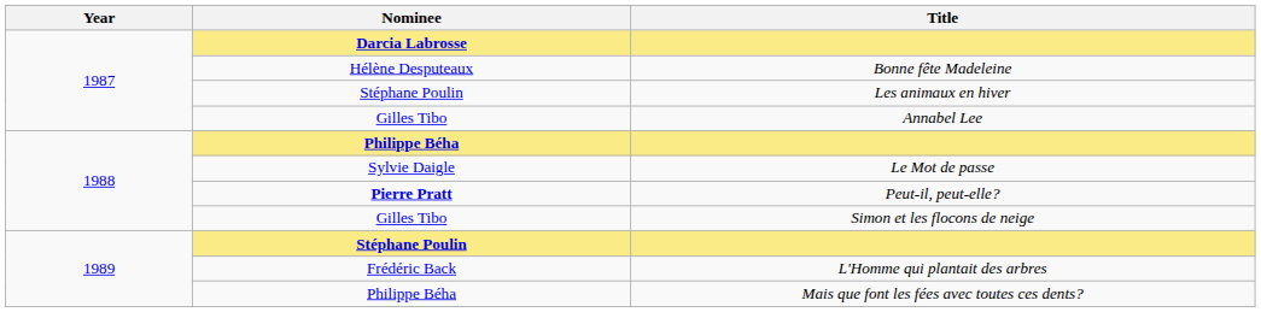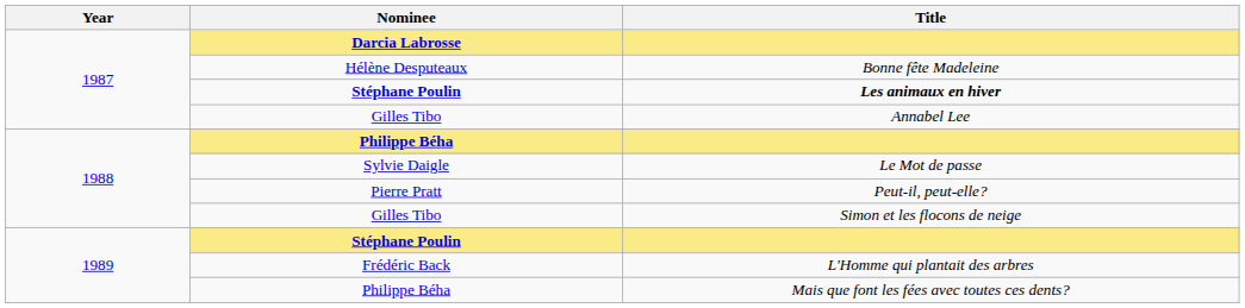 <table class="wikitable" width="100%">
 <tr>
 <th>Year</th>
 <th width="35%">Nominee</th>
 <th width="50%">Title</th>
 </tr>
 <tr>
 <td align="center" rowspan="4"><a href='#'>1987</a></td>
 <td align="center" style="background:#FAEB86"><strong><a href='#'>Darcia Labrosse</a></strong></td>
 <td align="center" style="background:#FAEB86"><strong><em></em></strong></td>
 </tr>
 <tr>
 <td align="center"><a href='#'>Hélène Desputeaux</a></td>
 <td align="center"><em>Bonne fête Madeleine</em></td>
 </tr>
 <tr>
-<td align="center"><a href='#'>Stéphane Poulin</a></td>
-<td align="center"><em>Les animaux en hiver</em></td>
+<td align="center"><strong><a href='#'>Stéphane Poulin</a></strong></td>
+<td align="center"><strong><em>Les animaux en hiver</em></strong></td>
 </tr>
 <tr>
 <td align="center"><a href='#'>Gilles Tibo</a></td>
 <td align="center"><em>Annabel Lee</em></td>
 </tr>
 <tr>
 <td align="center" rowspan="4"><a href='#'>1988</a></td>
 <td align="center" style="background:#FAEB86"><strong><a href='#'>Philippe Béha</a></strong></td>
 <td align="center" style="background:#FAEB86"><strong><em></em></strong></td>
 </tr>
 <tr>
 <td align="center"><a href='#'>Sylvie Daigle</a></td>
 <td align="center"><em>Le Mot de passe</em></td>
 </tr>
 <tr>
-<td align="center"><strong><a href='#'>Pierre Pratt</a></strong></td>
+<td align="center"><a href='#'>Pierre Pratt</a></td>
 <td align="center"><em>Peut-il, peut-elle?</em></td>
 </tr>
 <tr>
 <td align="center"><a href='#'>Gilles Tibo</a></td>
 <td align="center"><em>Simon et les flocons de neige</em></td>
 </tr>
 <tr>
 <td align="center" rowspan="3"><a href='#'>1989</a></td>
 <td align="center" style="background:#FAEB86"><strong><a href='#'>Stéphane Poulin</a></strong></td>
 <td align="center" style="background:#FAEB86"><strong><em></em></strong></td>
 </tr>
 <tr>
 <td align="center"><a href='#'>Frédéric Back</a></td>
 <td align="center"><em>L'Homme qui plantait des arbres</em></td>
 </tr>
 <tr>
 <td align="center"><a href='#'>Philippe Béha</a></td>
 <td align="center"><em>Mais que font les fées avec toutes ces dents?</em></td>
 </tr>
 </table>
